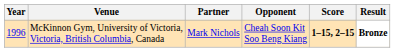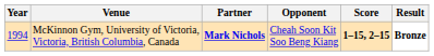 <table class="sortable wikitable" style="font-size: 90%;">
 <tr>
 <th>Year</th>
 <th>Venue</th>
 <th>Partner</th>
 <th>Opponent</th>
 <th>Score</th>
 <th>Result</th>
 </tr>
 <tr style="background:#FFE4B5">
-<td align="center"><a href='#'>1996</a></td>
+<td align="center"><a href='#'>1994</a></td>
 <td align="left">McKinnon Gym, University of Victoria,<br><a href='#'>Victoria, British Columbia</a>, Canada</td>
-<td align="left"> <a href='#'>Mark Nichols</a></td>
+<td align="left"><strong> <a href='#'>Mark Nichols</a></strong></td>
 <td align="left"> <a href='#'>Cheah Soon Kit</a> <br>  <a href='#'>Soo Beng Kiang</a></td>
 <td align="left"><strong>1–15, 2–15</strong></td>
 <td style="text-align:left; background:white"> <strong>Bronze</strong></td>
 </tr>
 </table>
